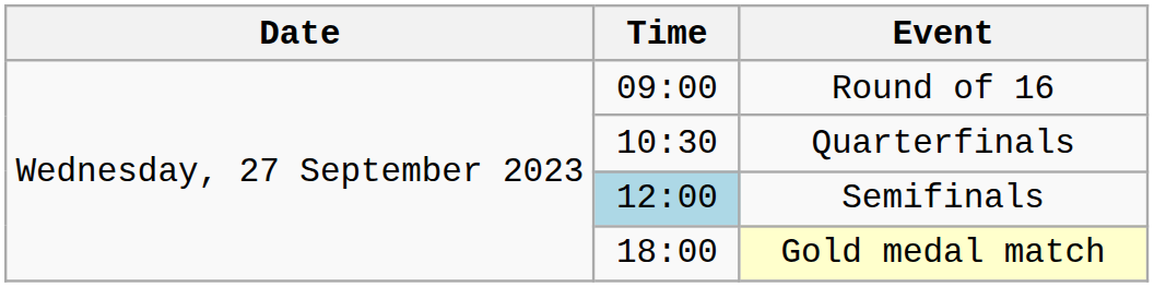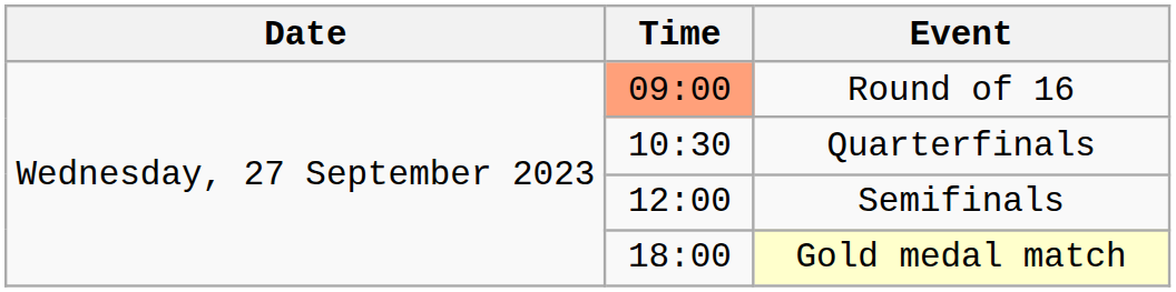 <table class = "wikitable" style="text-align:center;">
 <tr>
 <th width=220>Date</th>
 <th width=50>Time</th>
 <th width=150>Event</th>
 </tr>
 <tr>
 <td rowspan=4>Wednesday, 27 September 2023</td>
-<td>09:00</td>
+<td style="background: lightsalmon;">09:00</td>
 <td>Round of 16</td>
 </tr>
 <tr>
 <td>10:30</td>
 <td>Quarterfinals</td>
 </tr>
 <tr>
-<td style="background: lightblue;">12:00</td>
+<td>12:00</td>
 <td>Semifinals</td>
 </tr>
 <tr>
 <td>18:00</td>
 <td bgcolor=ffffcc>Gold medal match</td>
 </tr>
 </table>
